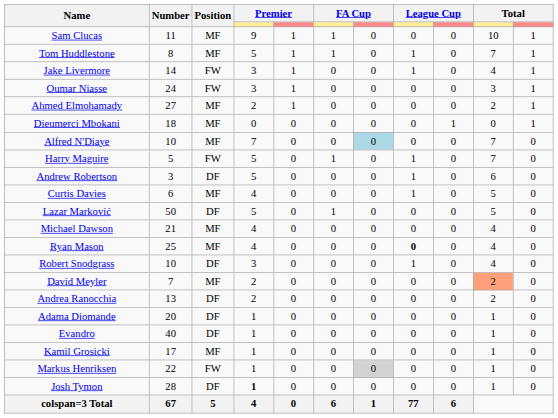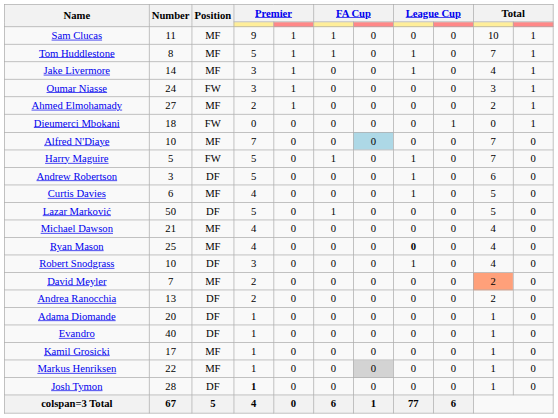 <table class="wikitable" style="font-size: 95%; text-align: center;">
 <tr>
 <th rowspan="2;" style="width:200px;">Name</th>
 <th rowspan=2>Number</th>
 <th rowspan=2>Position</th>
 <th colspan=2><a href='#'>Premier</a></th>
 <th colspan=2><a href='#'>FA Cup</a></th>
 <th colspan=2><a href='#'>League Cup</a></th>
 <th colspan=2>Total</th>
 </tr>
 <tr>
 <th style="width:50px; background:#fe9;"></th>
 <th style="width:50px; background:#ff8888;"></th>
 <th style="width:50px; background:#fe9;"></th>
 <th style="width:50px; background:#ff8888;"></th>
 <th style="width:50px; background:#fe9;"></th>
 <th style="width:50px; background:#ff8888;"></th>
 <th style="width:50px; background:#fe9;"></th>
 <th style="width:50px; background:#ff8888;"></th>
 </tr>
 <tr>
 <td> <a href='#'>Sam Clucas</a></td>
 <td>11</td>
 <td>MF</td>
 <td>9</td>
 <td>1</td>
 <td>1</td>
 <td>0</td>
 <td>0</td>
 <td>0</td>
 <td>10</td>
 <td>1</td>
 </tr>
 <tr>
 <td> <a href='#'>Tom Huddlestone</a></td>
 <td>8</td>
 <td>MF</td>
 <td>5</td>
 <td>1</td>
 <td>1</td>
 <td>0</td>
 <td>1</td>
 <td>0</td>
 <td>7</td>
 <td>1</td>
 </tr>
 <tr>
 <td> <a href='#'>Jake Livermore</a></td>
 <td>14</td>
-<td>FW</td>
+<td>MF</td>
 <td>3</td>
 <td>1</td>
 <td>0</td>
 <td>0</td>
 <td>1</td>
 <td>0</td>
 <td>4</td>
 <td>1</td>
 </tr>
 <tr>
 <td> <a href='#'>Oumar Niasse</a></td>
 <td>24</td>
 <td>FW</td>
 <td>3</td>
 <td>1</td>
 <td>0</td>
 <td>0</td>
 <td>0</td>
 <td>0</td>
 <td>3</td>
 <td>1</td>
 </tr>
 <tr>
 <td> <a href='#'>Ahmed Elmohamady</a></td>
 <td>27</td>
 <td>MF</td>
 <td>2</td>
 <td>1</td>
 <td>0</td>
 <td>0</td>
 <td>0</td>
 <td>0</td>
 <td>2</td>
 <td>1</td>
 </tr>
 <tr>
 <td> <a href='#'>Dieumerci Mbokani</a></td>
 <td>18</td>
-<td>MF</td>
+<td>FW</td>
 <td>0</td>
 <td>0</td>
 <td>0</td>
 <td>0</td>
 <td>0</td>
 <td>1</td>
 <td>0</td>
 <td>1</td>
 </tr>
 <tr>
 <td> <a href='#'>Alfred N'Diaye</a></td>
 <td>10</td>
 <td>MF</td>
 <td>7</td>
 <td>0</td>
 <td>0</td>
 <td style="background: lightblue;">0</td>
 <td>0</td>
 <td>0</td>
 <td>7</td>
 <td>0</td>
 </tr>
 <tr>
 <td> <a href='#'>Harry Maguire</a></td>
 <td>5</td>
 <td>FW</td>
 <td>5</td>
 <td>0</td>
 <td>1</td>
 <td>0</td>
 <td>1</td>
 <td>0</td>
 <td>7</td>
 <td>0</td>
 </tr>
 <tr>
 <td> <a href='#'>Andrew Robertson</a></td>
 <td>3</td>
 <td>DF</td>
 <td>5</td>
 <td>0</td>
 <td>0</td>
 <td>0</td>
 <td>1</td>
 <td>0</td>
 <td>6</td>
 <td>0</td>
 </tr>
 <tr>
 <td> <a href='#'>Curtis Davies</a></td>
 <td>6</td>
 <td>MF</td>
 <td>4</td>
 <td>0</td>
 <td>0</td>
 <td>0</td>
 <td>1</td>
 <td>0</td>
 <td>5</td>
 <td>0</td>
 </tr>
 <tr>
 <td> <a href='#'>Lazar Marković</a></td>
 <td>50</td>
 <td>DF</td>
 <td>5</td>
 <td>0</td>
 <td>1</td>
 <td>0</td>
 <td>0</td>
 <td>0</td>
 <td>5</td>
 <td>0</td>
 </tr>
 <tr>
 <td> <a href='#'>Michael Dawson</a></td>
 <td>21</td>
 <td>MF</td>
 <td>4</td>
 <td>0</td>
 <td>0</td>
 <td>0</td>
 <td>0</td>
 <td>0</td>
 <td>4</td>
 <td>0</td>
 </tr>
 <tr>
 <td> <a href='#'>Ryan Mason</a></td>
 <td>25</td>
 <td>MF</td>
 <td>4</td>
 <td>0</td>
 <td>0</td>
 <td>0</td>
 <td><strong>0</strong></td>
 <td>0</td>
 <td>4</td>
 <td>0</td>
 </tr>
 <tr>
 <td> <a href='#'>Robert Snodgrass</a></td>
 <td>10</td>
 <td>DF</td>
 <td>3</td>
 <td>0</td>
 <td>0</td>
 <td>0</td>
 <td>1</td>
 <td>0</td>
 <td>4</td>
 <td>0</td>
 </tr>
 <tr>
 <td> <a href='#'>David Meyler</a></td>
 <td>7</td>
 <td>MF</td>
 <td>2</td>
 <td>0</td>
 <td>0</td>
 <td>0</td>
 <td>0</td>
 <td>0</td>
 <td style="background: lightsalmon;">2</td>
 <td>0</td>
 </tr>
 <tr>
 <td> <a href='#'>Andrea Ranocchia</a></td>
 <td>13</td>
 <td>DF</td>
 <td>2</td>
 <td>0</td>
 <td>0</td>
 <td>0</td>
 <td>0</td>
 <td>0</td>
 <td>2</td>
 <td>0</td>
 </tr>
 <tr>
 <td> <a href='#'>Adama Diomande</a></td>
 <td>20</td>
 <td>DF</td>
 <td>1</td>
 <td>0</td>
 <td>0</td>
 <td>0</td>
 <td>0</td>
 <td>0</td>
 <td>1</td>
 <td>0</td>
 </tr>
 <tr>
 <td> <a href='#'>Evandro</a></td>
 <td>40</td>
 <td>DF</td>
 <td>1</td>
 <td>0</td>
 <td>0</td>
 <td>0</td>
 <td>0</td>
 <td>0</td>
 <td>1</td>
 <td>0</td>
 </tr>
 <tr>
 <td> <a href='#'>Kamil Grosicki</a></td>
 <td>17</td>
 <td>MF</td>
 <td>1</td>
 <td>0</td>
 <td>0</td>
 <td>0</td>
 <td>0</td>
 <td>0</td>
 <td>1</td>
 <td>0</td>
 </tr>
 <tr>
 <td> <a href='#'>Markus Henriksen</a></td>
 <td>22</td>
-<td>FW</td>
+<td>MF</td>
 <td>1</td>
 <td>0</td>
 <td>0</td>
 <td style="background: lightgrey;">0</td>
 <td>0</td>
 <td>0</td>
 <td>1</td>
 <td>0</td>
 </tr>
 <tr>
 <td> <a href='#'>Josh Tymon</a></td>
 <td>28</td>
 <td>DF</td>
 <td><strong>1</strong></td>
 <td>0</td>
 <td>0</td>
 <td>0</td>
 <td>0</td>
 <td>0</td>
 <td>1</td>
 <td>0</td>
 </tr>
 <tr>
 <th>colspan=3 Total</th>
 <th>67</th>
 <th>5</th>
 <th>4</th>
 <th>0</th>
 <th>6</th>
 <th>1</th>
 <th>77</th>
 <th>6</th>
 </tr>
 </table>
